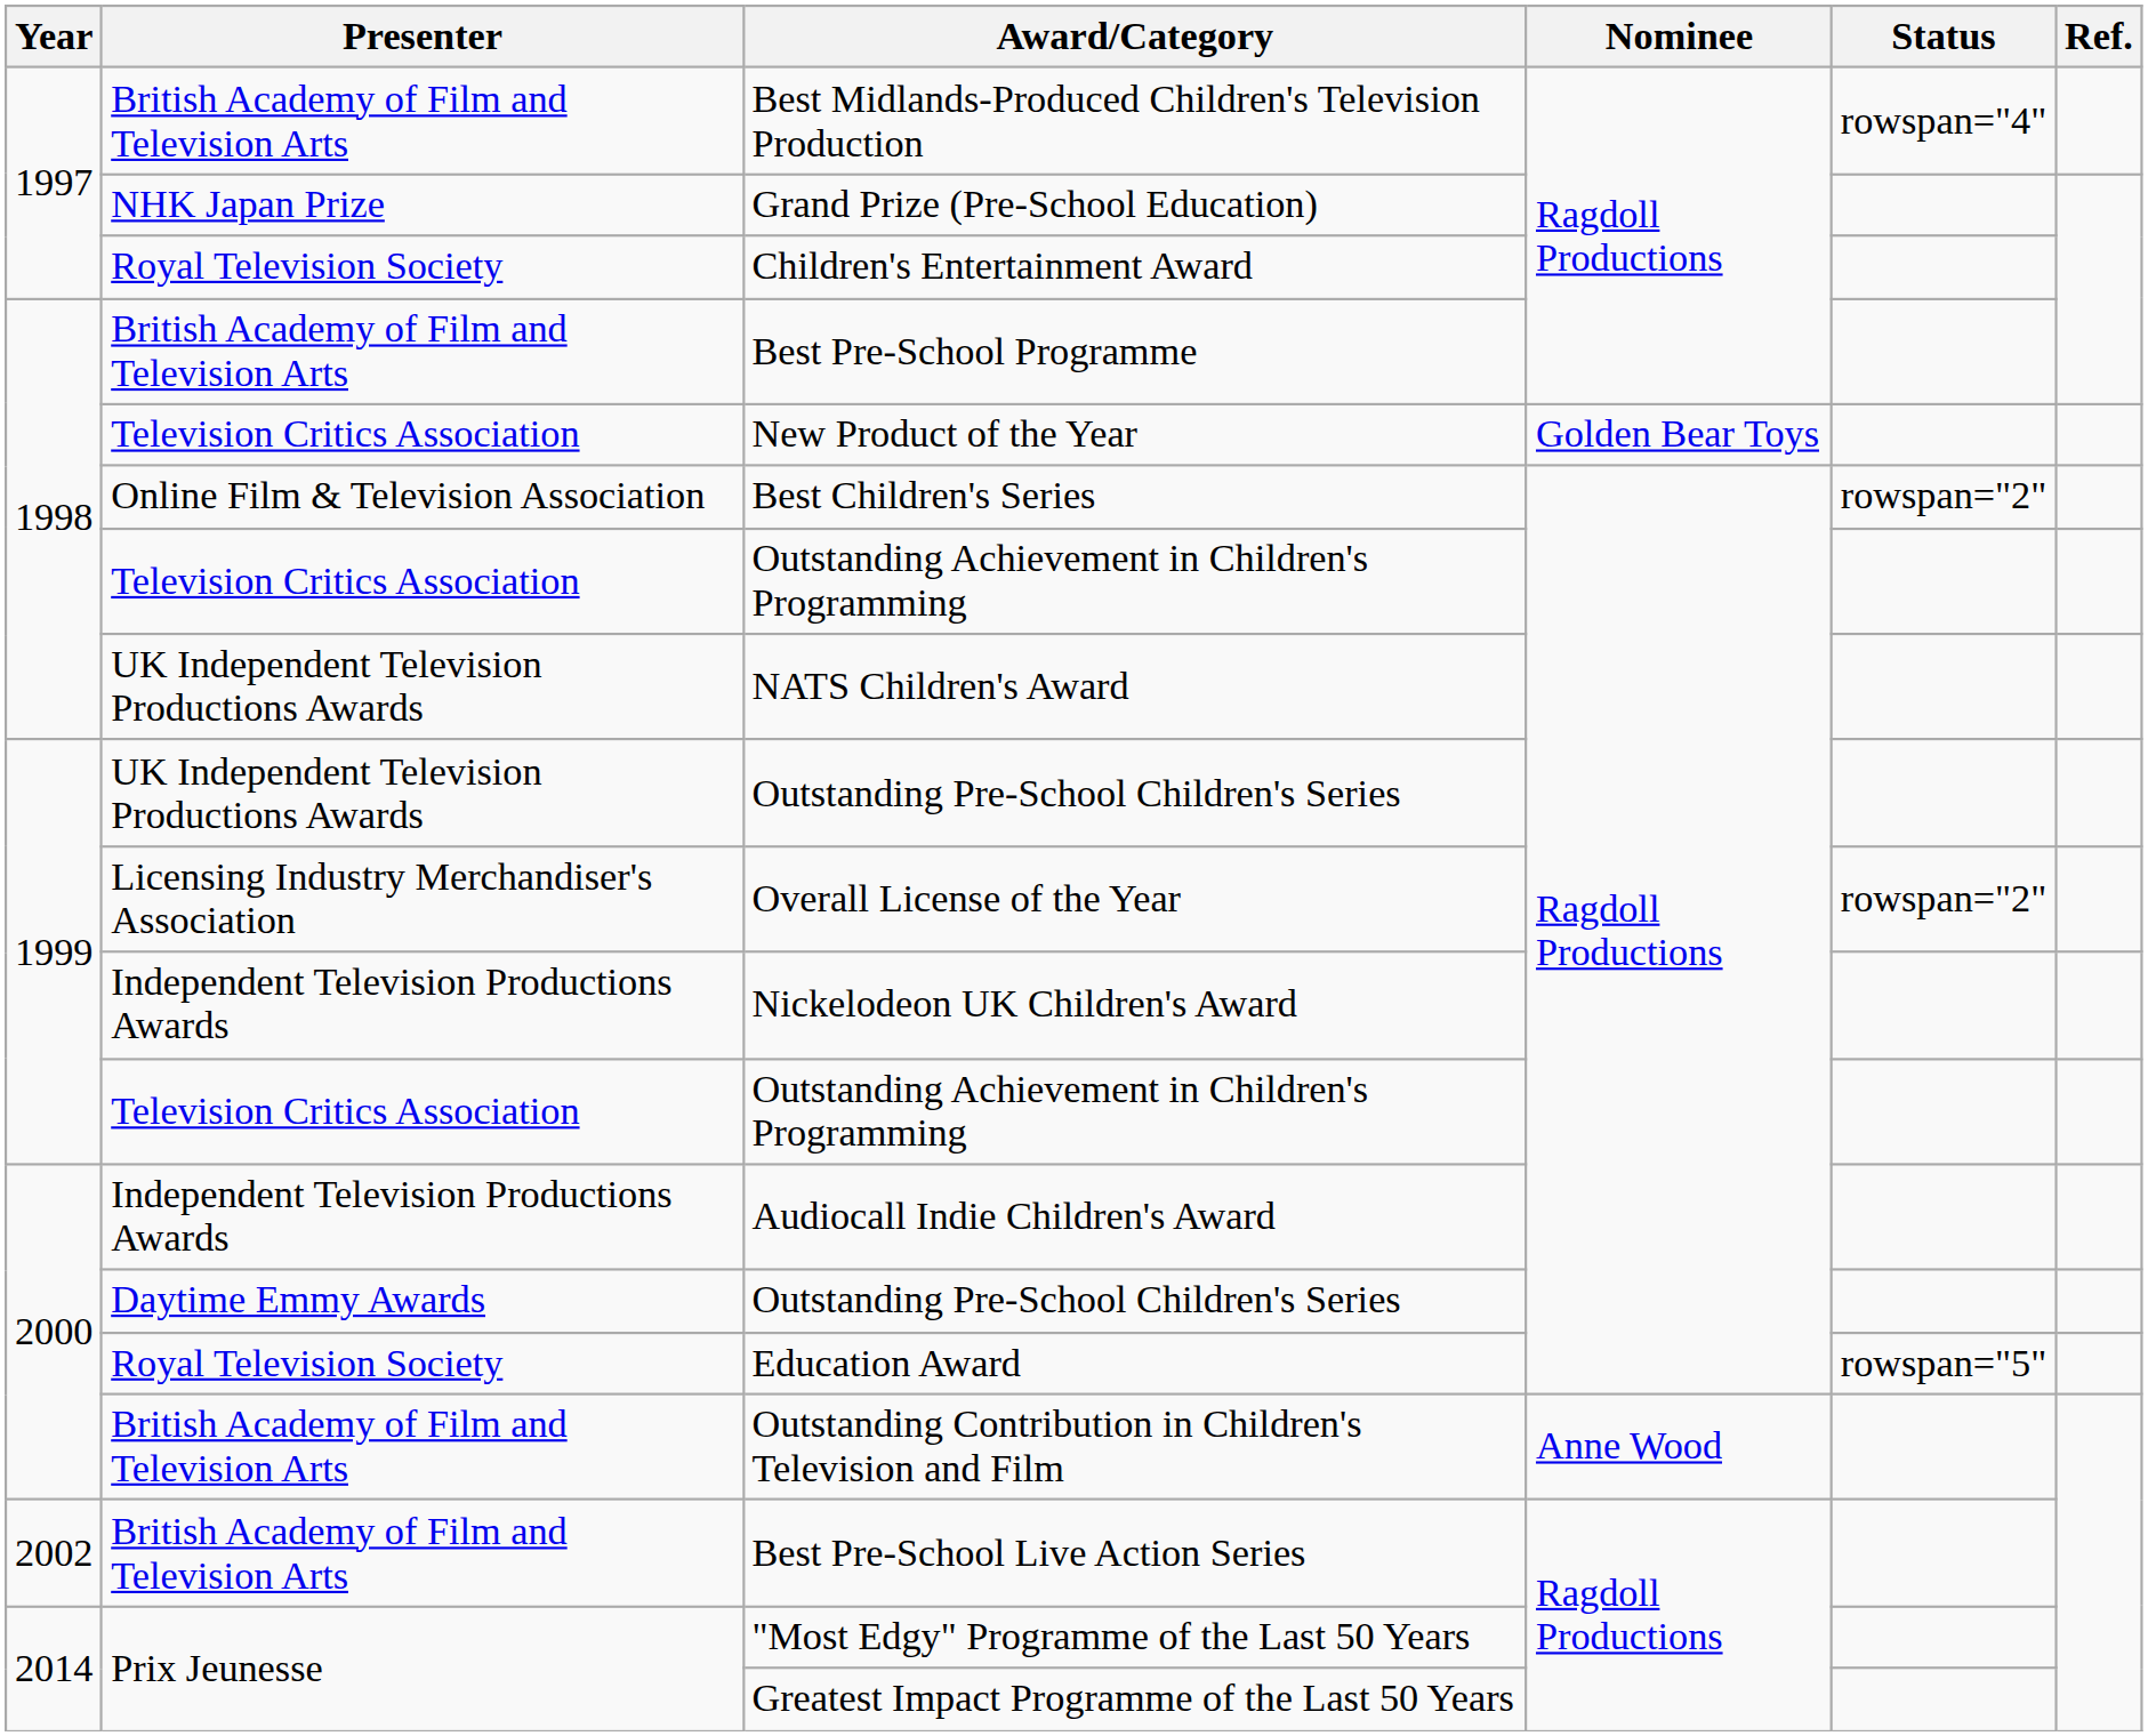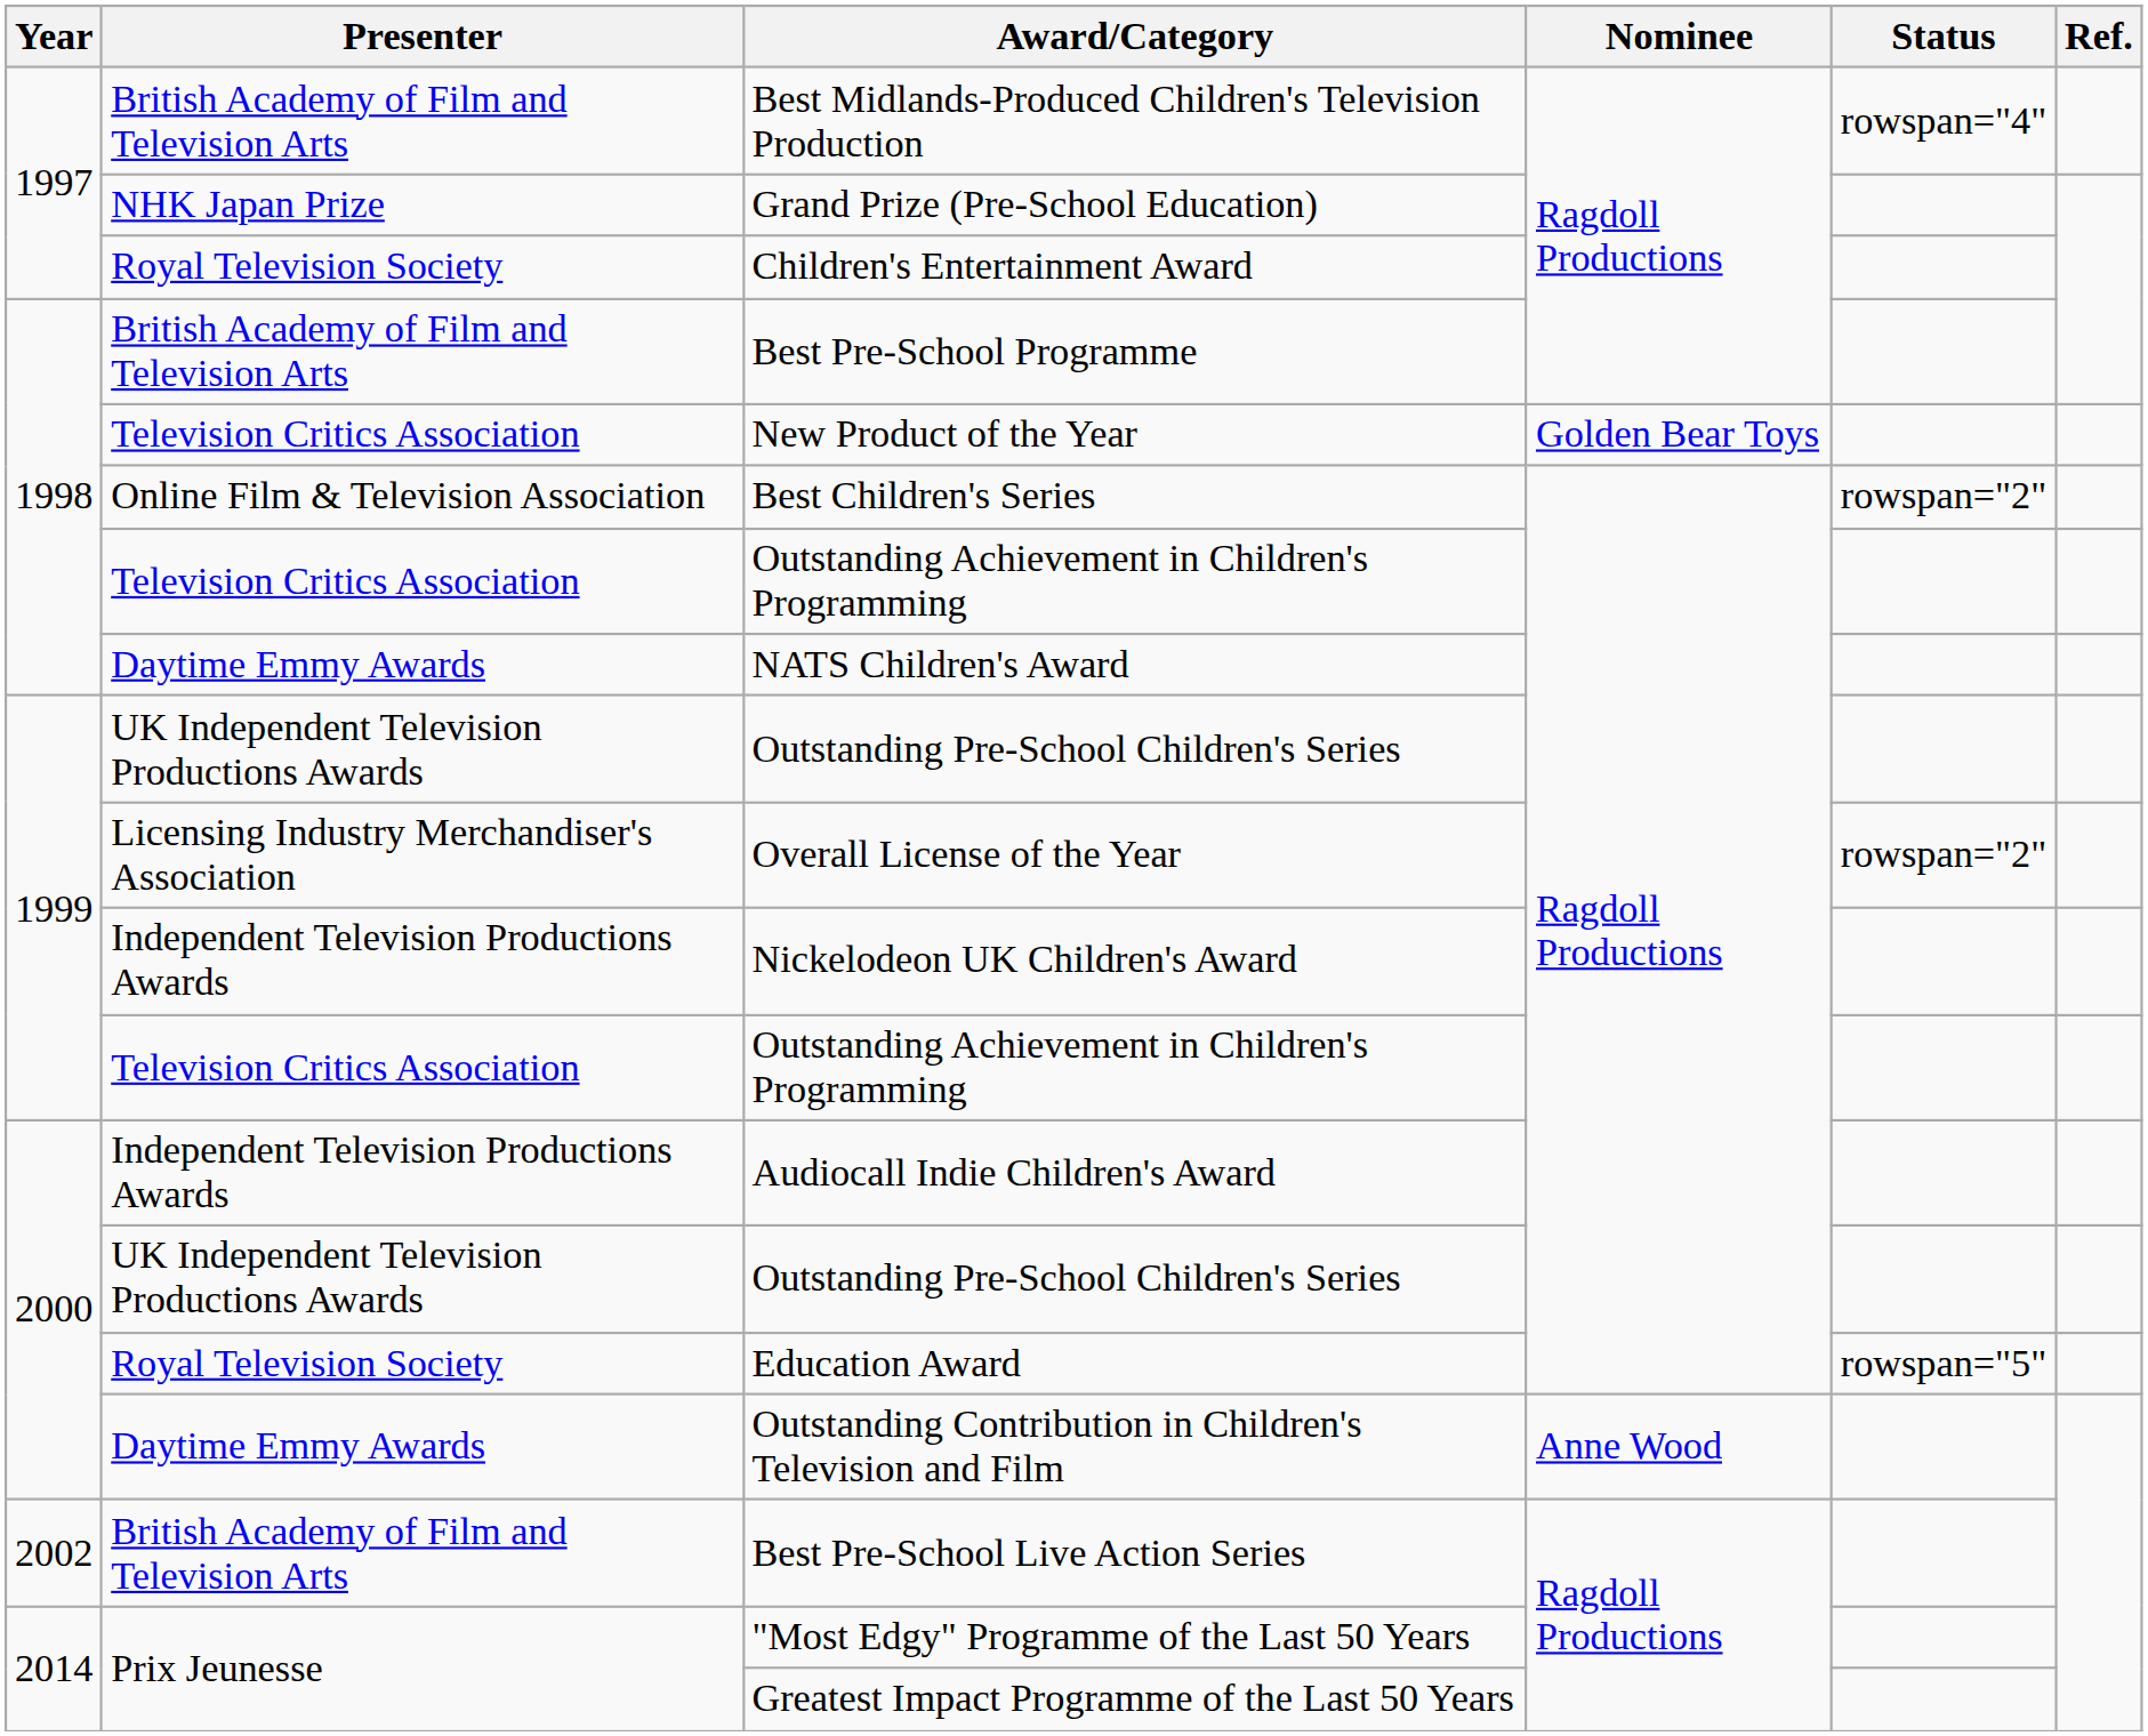 <table class="wikitable" style="width:99%">
 <tr>
 <th>Year</th>
 <th>Presenter</th>
 <th>Award/Category</th>
 <th>Nominee</th>
 <th>Status</th>
 <th>Ref.</th>
 </tr>
 <tr>
 <td rowspan="3">1997</td>
 <td><a href='#'>British Academy of Film and Television Arts</a></td>
 <td>Best Midlands-Produced Children's Television Production</td>
 <td rowspan="4"><a href='#'>Ragdoll Productions</a></td>
 <td>rowspan="4" </td>
 <td></td>
 </tr>
 <tr>
 <td><a href='#'>NHK Japan Prize</a></td>
 <td>Grand Prize (Pre-School Education)</td>
 <td></td>
 </tr>
 <tr>
 <td><a href='#'>Royal Television Society</a></td>
 <td>Children's Entertainment Award</td>
 <td></td>
 </tr>
 <tr>
 <td rowspan="5">1998</td>
 <td><a href='#'>British Academy of Film and Television Arts</a></td>
 <td>Best Pre-School Programme</td>
 <td></td>
 </tr>
 <tr>
 <td><a href='#'>Television Critics Association</a></td>
 <td>New Product of the Year</td>
 <td><a href='#'>Golden Bear Toys</a></td>
 <td></td>
 <td></td>
 </tr>
 <tr>
 <td>Online Film & Television Association</td>
 <td>Best Children's Series</td>
 <td rowspan="10"><a href='#'>Ragdoll Productions</a></td>
 <td>rowspan="2" </td>
 <td></td>
 </tr>
 <tr>
 <td><a href='#'>Television Critics Association</a></td>
 <td>Outstanding Achievement in Children's Programming</td>
 <td></td>
 </tr>
 <tr>
-<td>UK Independent Television Productions Awards</td>
+<td><a href='#'>Daytime Emmy Awards</a></td>
 <td>NATS Children's Award</td>
 <td></td>
 <td></td>
 </tr>
 <tr>
 <td rowspan="4">1999</td>
 <td>UK Independent Television Productions Awards</td>
 <td>Outstanding Pre-School Children's Series</td>
 <td></td>
 <td></td>
 </tr>
 <tr>
 <td>Licensing Industry Merchandiser's Association</td>
 <td>Overall License of the Year</td>
 <td>rowspan="2" </td>
 <td></td>
 </tr>
 <tr>
 <td>Independent Television Productions Awards</td>
 <td>Nickelodeon UK Children's Award</td>
 <td></td>
 </tr>
 <tr>
 <td><a href='#'>Television Critics Association</a></td>
 <td>Outstanding Achievement in Children's Programming</td>
 <td></td>
 <td></td>
 </tr>
 <tr>
 <td rowspan="4">2000</td>
 <td>Independent Television Productions Awards</td>
 <td>Audiocall Indie Children's Award</td>
 <td></td>
 <td></td>
 </tr>
 <tr>
-<td><a href='#'>Daytime Emmy Awards</a></td>
+<td>UK Independent Television Productions Awards</td>
 <td>Outstanding Pre-School Children's Series</td>
 <td></td>
 <td></td>
 </tr>
 <tr>
 <td><a href='#'>Royal Television Society</a></td>
 <td>Education Award</td>
 <td>rowspan="5" </td>
 <td></td>
 </tr>
 <tr>
-<td><a href='#'>British Academy of Film and Television Arts</a></td>
+<td><a href='#'>Daytime Emmy Awards</a></td>
 <td>Outstanding Contribution in Children's Television and Film</td>
 <td><a href='#'>Anne Wood</a></td>
 <td></td>
 </tr>
 <tr>
 <td>2002</td>
 <td><a href='#'>British Academy of Film and Television Arts</a></td>
 <td>Best Pre-School Live Action Series</td>
 <td rowspan="3"><a href='#'>Ragdoll Productions</a></td>
 <td></td>
 </tr>
 <tr>
 <td rowspan="2">2014</td>
 <td rowspan="2">Prix Jeunesse</td>
 <td>"Most Edgy" Programme of the Last 50 Years</td>
 <td></td>
 </tr>
 <tr>
 <td>Greatest Impact Programme of the Last 50 Years</td>
 <td></td>
 </tr>
 </table>
